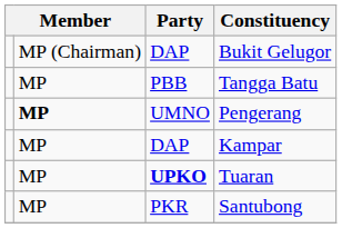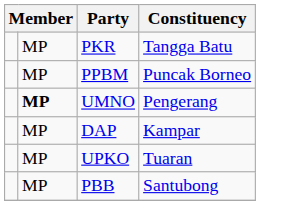 <table class="sortable wikitable">
 <tr>
 <th colspan="2" valign="top">Member</th>
 <th valign="top">Party</th>
 <th valign="top">Constituency</th>
 </tr>
 <tr>
 <td></td>
-<td> MP (Chairman)</td>
-<td><a href='#'>DAP</a></td>
-<td><a href='#'>Bukit Gelugor</a></td>
+<td> MP</td>
+<td><a href='#'>PKR</a></td>
+<td><a href='#'>Tangga Batu</a></td>
 </tr>
 <tr>
 <td></td>
 <td> MP</td>
-<td><a href='#'>PBB</a></td>
-<td><a href='#'>Tangga Batu</a></td>
+<td><a href='#'>PPBM</a></td>
+<td><a href='#'>Puncak Borneo</a></td>
 </tr>
 <tr>
 <td></td>
 <td><strong> MP</strong></td>
 <td><a href='#'>UMNO</a></td>
 <td><a href='#'>Pengerang</a></td>
 </tr>
 <tr>
 <td></td>
 <td> MP</td>
 <td><a href='#'>DAP</a></td>
 <td><a href='#'>Kampar</a></td>
 </tr>
 <tr>
 <td></td>
 <td> MP</td>
-<td><strong><a href='#'>UPKO</a></strong></td>
+<td><a href='#'>UPKO</a></td>
 <td><a href='#'>Tuaran</a></td>
 </tr>
 <tr>
 <td></td>
 <td> MP</td>
-<td><a href='#'>PKR</a></td>
+<td><a href='#'>PBB</a></td>
 <td><a href='#'>Santubong</a></td>
 </tr>
 <tr>
 </tr>
 </table>
